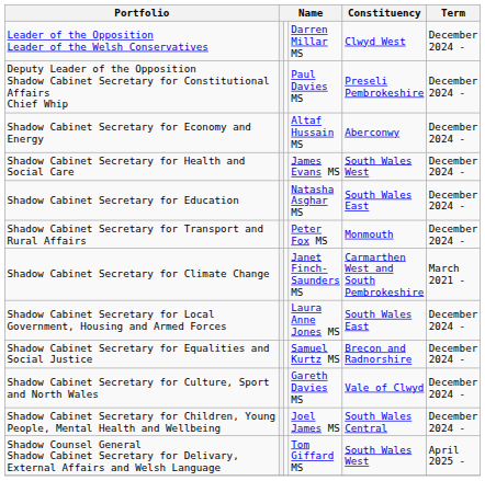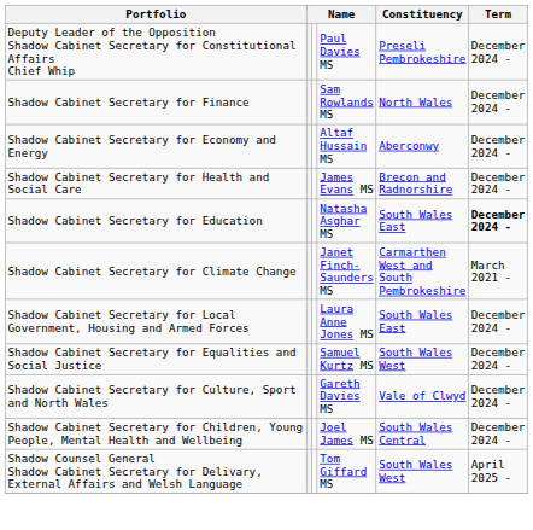 <table class="wikitable">
 <tr>
 <th style="width: 390px">Portfolio</th>
 <th colspan="3">Name</th>
 <th>Constituency</th>
 <th>Term</th>
 </tr>
 <tr>
-<td><a href='#'>Leader of the Opposition</a><br><a href='#'>Leader of the Welsh Conservatives</a></td>
-<th style="background-color: "></th>
-<td></td>
-<td><a href='#'>Darren Millar</a> MS</td>
-<td><a href='#'>Clwyd West</a></td>
-<td>December 2024 -</td>
-</tr>
-<tr>
 <td>Deputy Leader of the Opposition <br> Shadow Cabinet Secretary for Constitutional Affairs <br> Chief Whip</td>
 <th style="background-color: "></th>
 <td></td>
 <td><a href='#'>Paul Davies</a> MS</td>
 <td><a href='#'>Preseli Pembrokeshire</a></td>
+<td>December 2024 -</td>
+</tr>
+<tr>
+<td>Shadow Cabinet Secretary for Finance</td>
+<th style="background-color: "></th>
+<td></td>
+<td><a href='#'>Sam Rowlands</a> MS</td>
+<td><a href='#'>North Wales</a></td>
 <td>December 2024 -</td>
 </tr>
 <tr>
 <td>Shadow Cabinet Secretary for Economy and Energy</td>
 <th style="background-color: "></th>
 <td></td>
 <td><a href='#'>Altaf Hussain</a> MS</td>
 <td><a href='#'>Aberconwy</a></td>
 <td>December 2024 -</td>
 </tr>
 <tr>
 <td>Shadow Cabinet Secretary for Health and Social Care</td>
 <th style="background-color: "></th>
 <td></td>
 <td><a href='#'>James Evans</a> MS</td>
-<td><a href='#'>South Wales West</a></td>
+<td><a href='#'>Brecon and Radnorshire</a></td>
 <td>December 2024 -</td>
 </tr>
 <tr>
 <td>Shadow Cabinet Secretary for Education</td>
 <th style="background-color: "></th>
 <td></td>
 <td><a href='#'>Natasha Asghar</a> MS</td>
 <td><a href='#'>South Wales East</a></td>
-<td>December 2024 -</td>
-</tr>
-<tr>
-<td>Shadow Cabinet Secretary for Transport and Rural Affairs</td>
-<th style="background-color: "></th>
-<td></td>
-<td><a href='#'>Peter Fox</a> MS</td>
-<td><a href='#'>Monmouth</a></td>
-<td>December 2024 -</td>
+<td><strong>December 2024 -</strong></td>
 </tr>
 <tr>
 <td>Shadow Cabinet Secretary for Climate Change</td>
 <th style="background-color: "></th>
 <td></td>
 <td><a href='#'>Janet Finch-Saunders</a> MS</td>
 <td><a href='#'>Carmarthen West and South Pembrokeshire</a></td>
 <td>March 2021 -</td>
 </tr>
 <tr>
 <td>Shadow Cabinet Secretary for Local Government, Housing and Armed Forces</td>
 <th style="background-color: "></th>
 <td></td>
 <td><a href='#'>Laura Anne Jones</a> MS</td>
 <td><a href='#'>South Wales East</a></td>
 <td>December 2024 -</td>
 </tr>
 <tr>
 <td>Shadow Cabinet Secretary for Equalities and Social Justice</td>
 <th style="background-color: "></th>
 <td></td>
 <td><a href='#'>Samuel Kurtz</a> MS</td>
-<td><a href='#'>Brecon and Radnorshire</a></td>
+<td><a href='#'>South Wales West</a></td>
 <td>December 2024 -</td>
 </tr>
 <tr>
 <td>Shadow Cabinet Secretary for Culture, Sport and North Wales</td>
 <th style="background-color: "></th>
 <td></td>
 <td><a href='#'>Gareth Davies</a> MS</td>
 <td><a href='#'>Vale of Clwyd</a></td>
 <td>December 2024 -</td>
 </tr>
 <tr>
 <td>Shadow Cabinet Secretary for Children, Young People, Mental Health and Wellbeing</td>
 <th style="background-color: "></th>
 <td></td>
 <td><a href='#'>Joel James</a> MS</td>
 <td><a href='#'>South Wales Central</a></td>
 <td>December 2024 -</td>
 </tr>
 <tr>
 <td>Shadow Counsel General <br> Shadow Cabinet Secretary for Delivary, External Affairs and Welsh Language</td>
 <th style="background-color: "></th>
 <td></td>
 <td><a href='#'>Tom Giffard</a> MS</td>
 <td><a href='#'>South Wales West</a></td>
 <td>April 2025 -</td>
 </tr>
 <tr>
 </tr>
 </table>
